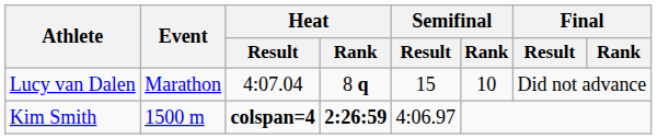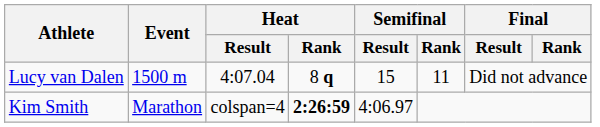 <table class="wikitable" style="font-size:90%">
 <tr>
 <th rowspan="2">Athlete</th>
 <th rowspan="2">Event</th>
 <th colspan="2">Heat</th>
 <th colspan="2">Semifinal</th>
 <th colspan="2">Final</th>
 </tr>
 <tr style="font-size:95%">
 <th>Result</th>
 <th>Rank</th>
 <th>Result</th>
 <th>Rank</th>
 <th>Result</th>
 <th>Rank</th>
 </tr>
 <tr align=center>
 <td align=left><a href='#'>Lucy van Dalen</a></td>
-<td align=left><a href='#'>Marathon</a></td>
+<td align=left><a href='#'>1500 m</a></td>
 <td>4:07.04</td>
 <td>8 <strong>q</strong></td>
 <td>15</td>
-<td>10</td>
+<td>11</td>
 <td colspan=2>Did not advance</td>
 </tr>
 <tr align=center>
 <td align=left><a href='#'>Kim Smith</a></td>
-<td align=left><a href='#'>1500 m</a></td>
-<td><strong>colspan=4 </strong></td>
+<td align=left><a href='#'>Marathon</a></td>
+<td>colspan=4 </td>
 <td><strong>2:26:59</strong></td>
 <td>4:06.97</td>
 </tr>
 </table>
